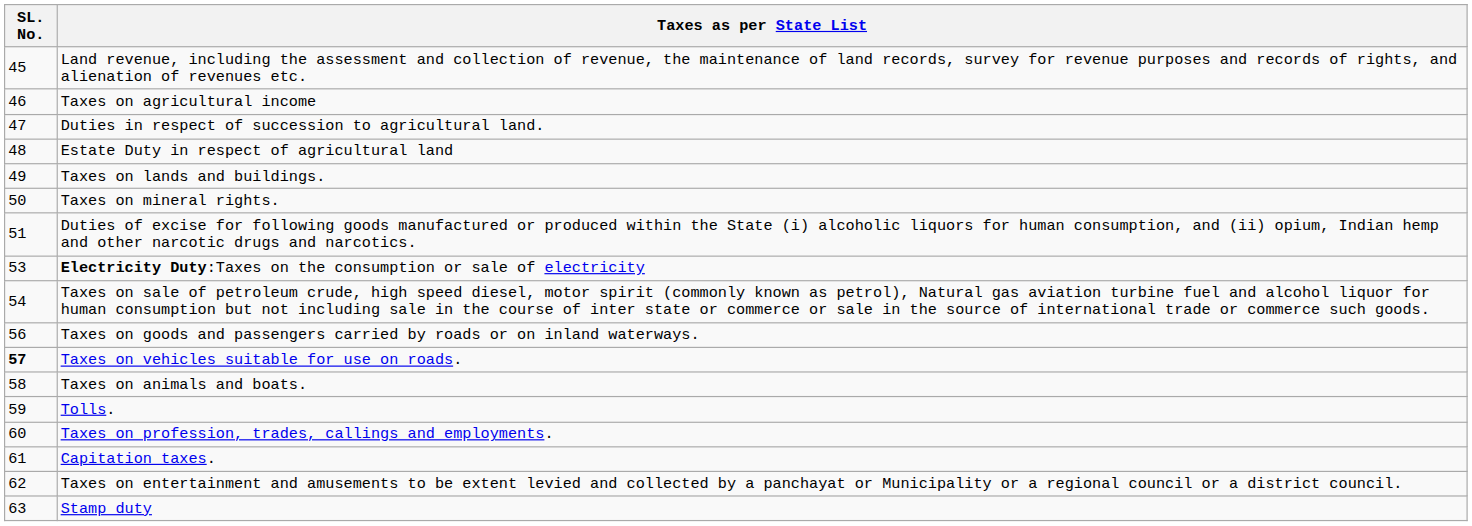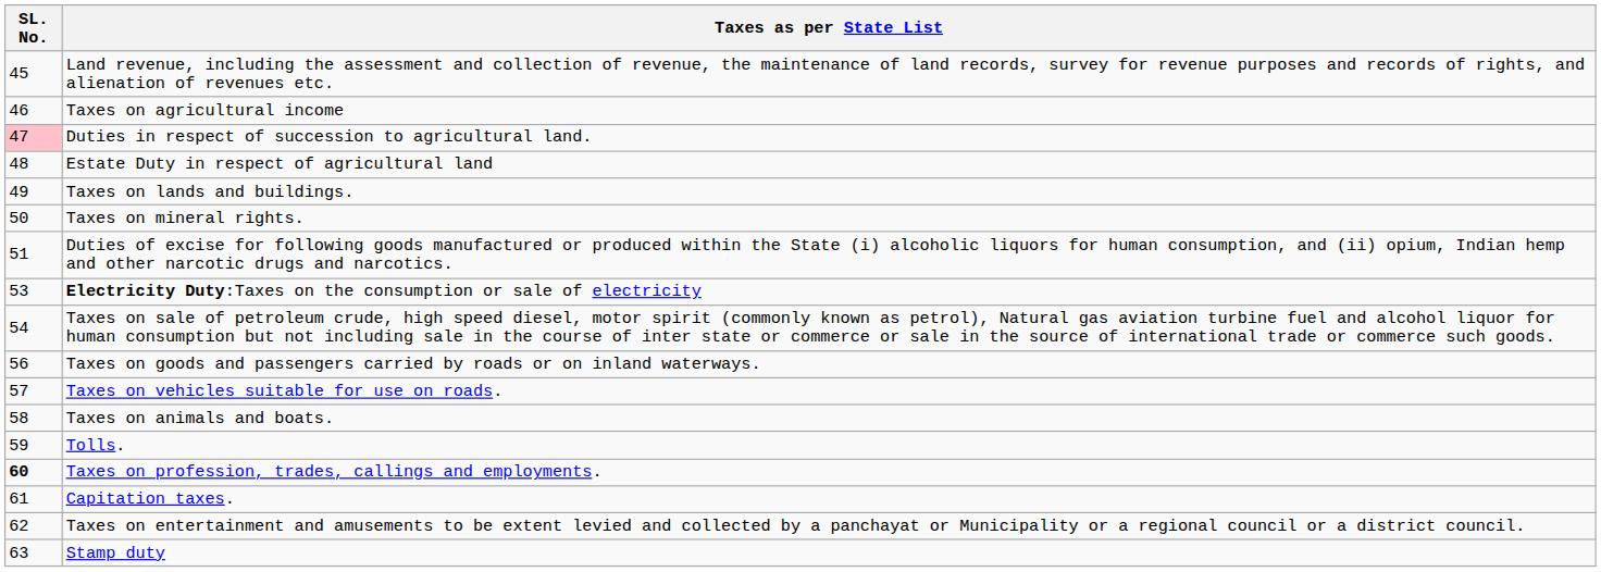 <table class="wikitable">
 <tr>
 <th>SL. No.</th>
 <th><strong>Taxes as per <a href='#'>State List</a></strong></th>
 </tr>
 <tr>
 <td>45</td>
 <td>Land revenue, including the assessment and collection of revenue, the maintenance of land records, survey for revenue purposes and records of rights, and alienation of revenues etc.</td>
 </tr>
 <tr>
 <td>46</td>
 <td>Taxes on agricultural income</td>
 </tr>
 <tr>
-<td>47</td>
+<td style="background: pink;">47</td>
 <td>Duties in respect of succession to agricultural land.</td>
 </tr>
 <tr>
 <td>48</td>
 <td>Estate Duty in respect of agricultural land</td>
 </tr>
 <tr>
 <td>49</td>
 <td>Taxes on lands and buildings.</td>
 </tr>
 <tr>
 <td>50</td>
 <td>Taxes on mineral rights.</td>
 </tr>
 <tr>
 <td>51</td>
 <td>Duties of excise for following goods manufactured or produced within the State (i) alcoholic liquors for human consumption, and (ii) opium, Indian hemp and other narcotic drugs and narcotics.</td>
 </tr>
 <tr>
 <td>53</td>
 <td><strong>Electricity Duty</strong>:Taxes on the consumption or sale of <a href='#'>electricity</a></td>
 </tr>
 <tr>
 <td>54</td>
 <td>Taxes on sale of petroleum crude, high speed diesel, motor spirit (commonly known as petrol), Natural gas aviation turbine fuel and alcohol liquor for human consumption but not including sale in the course of inter state or commerce or sale in the source of international trade or commerce such goods.</td>
 </tr>
 <tr>
 <td>56</td>
 <td>Taxes on goods and passengers carried by roads or on inland waterways.</td>
 </tr>
 <tr>
-<td><strong>57</strong></td>
+<td>57</td>
 <td><a href='#'>Taxes on vehicles suitable for use on roads</a>.</td>
 </tr>
 <tr>
 <td>58</td>
 <td>Taxes on animals and boats.</td>
 </tr>
 <tr>
 <td>59</td>
 <td><a href='#'>Tolls</a>.</td>
 </tr>
 <tr>
-<td>60</td>
+<td><strong>60</strong></td>
 <td><a href='#'>Taxes on profession, trades, callings and employments</a>.</td>
 </tr>
 <tr>
 <td>61</td>
 <td><a href='#'>Capitation taxes</a>.</td>
 </tr>
 <tr>
 <td>62</td>
 <td>Taxes on entertainment and amusements to be extent levied and collected by a panchayat or Municipality or a regional council or a district council.</td>
 </tr>
 <tr>
 <td>63</td>
 <td><a href='#'>Stamp duty</a></td>
 </tr>
 </table>
